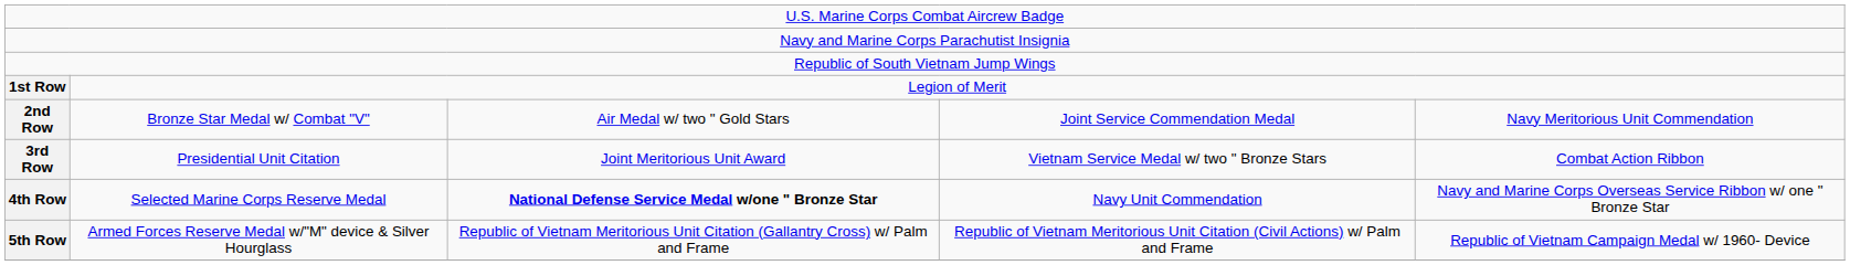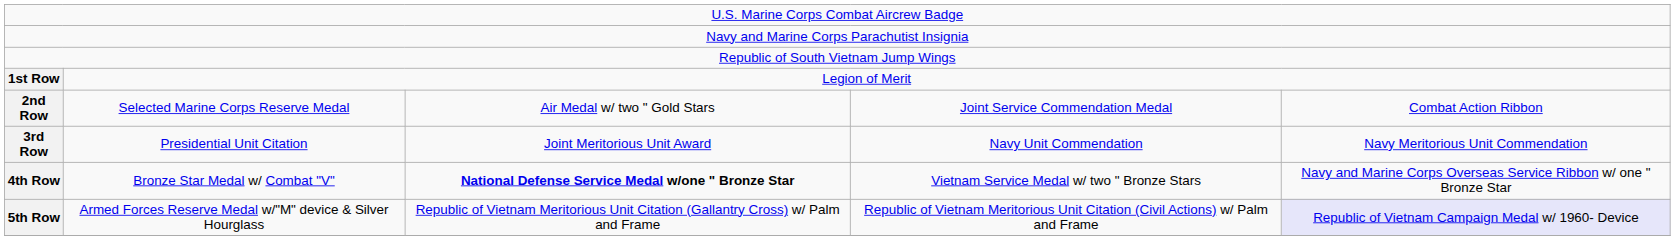 <table class="wikitable" style="margin:1em auto; text-align:center;">
 <tr>
 <td colspan="5"><a href='#'>U.S. Marine Corps Combat Aircrew Badge</a></td>
 </tr>
 <tr>
 <td colspan="5"><a href='#'>Navy and Marine Corps Parachutist Insignia</a></td>
 </tr>
 <tr>
 <td colspan="5"><a href='#'>Republic of South Vietnam Jump Wings</a></td>
 </tr>
 <tr>
 <th>1st Row</th>
 <td colspan="5"><a href='#'>Legion of Merit</a></td>
 </tr>
 <tr>
 <th>2nd Row</th>
-<td><a href='#'>Bronze Star Medal</a> w/ <a href='#'>Combat "V"</a></td>
+<td><a href='#'>Selected Marine Corps Reserve Medal</a></td>
 <td><a href='#'>Air Medal</a> w/ two " Gold Stars</td>
 <td><a href='#'>Joint Service Commendation Medal</a></td>
-<td><a href='#'>Navy Meritorious Unit Commendation</a></td>
+<td><a href='#'>Combat Action Ribbon</a></td>
 </tr>
 <tr>
 <th>3rd Row</th>
 <td><a href='#'>Presidential Unit Citation</a></td>
 <td><a href='#'>Joint Meritorious Unit Award</a></td>
-<td><a href='#'>Vietnam Service Medal</a> w/ two " Bronze Stars</td>
-<td><a href='#'>Combat Action Ribbon</a></td>
+<td><a href='#'>Navy Unit Commendation</a></td>
+<td><a href='#'>Navy Meritorious Unit Commendation</a></td>
 </tr>
 <tr>
 <th>4th Row</th>
-<td><a href='#'>Selected Marine Corps Reserve Medal</a></td>
+<td><a href='#'>Bronze Star Medal</a> w/ <a href='#'>Combat "V"</a></td>
 <td><strong><a href='#'>National Defense Service Medal</a> w/one " Bronze Star</strong></td>
-<td><a href='#'>Navy Unit Commendation</a></td>
+<td><a href='#'>Vietnam Service Medal</a> w/ two " Bronze Stars</td>
 <td><a href='#'>Navy and Marine Corps Overseas Service Ribbon</a> w/ one " Bronze Star</td>
 </tr>
 <tr>
 <th>5th Row</th>
 <td><a href='#'>Armed Forces Reserve Medal</a> w/"M" device & Silver Hourglass</td>
 <td><a href='#'>Republic of Vietnam Meritorious Unit Citation (Gallantry Cross)</a> w/ Palm and Frame</td>
 <td><a href='#'>Republic of Vietnam Meritorious Unit Citation (Civil Actions)</a> w/ Palm and Frame</td>
-<td><a href='#'>Republic of Vietnam Campaign Medal</a> w/ 1960- Device</td>
+<td style="background: lavender;"><a href='#'>Republic of Vietnam Campaign Medal</a> w/ 1960- Device</td>
 </tr>
 <tr>
 </tr>
 </table>
